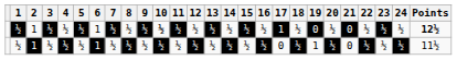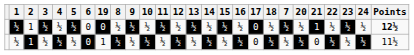 <table class="wikitable" style="margin: 1em auto 1em auto; text-align:center">
 <tr>
 <th></th>
 <th width=14>1</th>
 <th width=14>2</th>
 <th width=14>3</th>
 <th width=14>4</th>
 <th width=14>5</th>
 <th width=14>6</th>
-<th width=14>7</th>
+<th width=14>19</th>
 <th width=14>8</th>
 <th width=14>9</th>
 <th width=14>10</th>
 <th width=14>11</th>
 <th width=14>12</th>
 <th width=14>13</th>
 <th width=14>14</th>
 <th width=14>15</th>
 <th width=14>16</th>
 <th width=14>17</th>
 <th width=14>18</th>
-<th width=14>19</th>
+<th width=14>7</th>
 <th width=14>20</th>
 <th width=14>21</th>
 <th width=14>22</th>
 <th width=14>23</th>
 <th width=14>24</th>
 <th>Points</th>
 </tr>
 <tr>
 <td align=left></td>
 <td style="background:black; color:white">½</td>
 <td>1</td>
 <td style="background:black; color:white">½</td>
 <td>½</td>
 <td style="background:black; color:white">½</td>
-<td>1</td>
-<td style="background:black; color:white">½</td>
+<td>0</td>
+<td style="background:black; color:white">0</td>
 <td>½</td>
-<td style="background:black; color:white">½</td>
-<td><strong>½</strong></td>
 <td style="background:black; color:white">½</td>
 <td>½</td>
 <td style="background:black; color:white">½</td>
 <td>½</td>
 <td style="background:black; color:white">½</td>
 <td>½</td>
-<td style="background:black; color:white">1</td>
+<td style="background:black; color:white">½</td>
 <td>½</td>
 <td style="background:black; color:white">0</td>
 <td>½</td>
-<td style="background:black; color:white">0</td>
+<td style="background:black; color:white">½</td>
+<td>½</td>
+<td style="background:black; color:white">1</td>
 <td>½</td>
 <td style="background:black; color:white">½</td>
 <td>½</td>
 <td><strong>12½</strong></td>
 </tr>
 <tr>
 <td align=left></td>
 <td>½</td>
 <td style="background:black; color:white">1</td>
 <td>½</td>
 <td style="background:black; color:white">½</td>
 <td>½</td>
-<td style="background:black; color:white">1</td>
-<td>½</td>
+<td style="background:black; color:white">0</td>
+<td>1</td>
 <td style="background:black; color:white">½</td>
 <td>½</td>
 <td style="background:black; color:white">½</td>
 <td>½</td>
 <td style="background:black; color:white">½</td>
 <td>½</td>
 <td style="background:black; color:white">½</td>
 <td>½</td>
 <td style="background:black; color:white">½</td>
 <td>0</td>
 <td style="background:black; color:white">½</td>
-<td>1</td>
+<td>½</td>
 <td style="background:black; color:white">½</td>
 <td>0</td>
 <td style="background:black; color:white">½</td>
 <td>½</td>
 <td style="background:black; color:white">½</td>
 <td>11½</td>
 </tr>
 </table>
